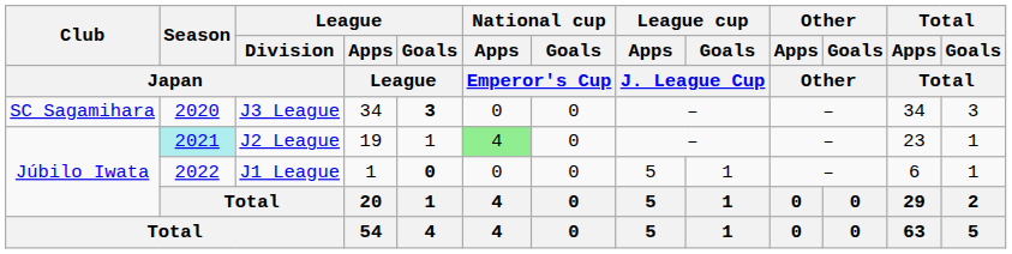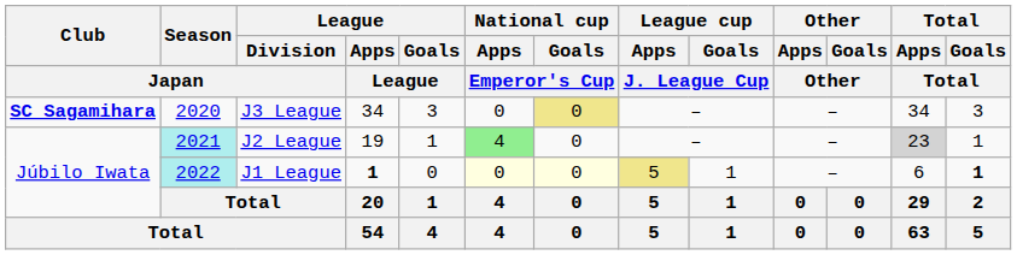 <table class="wikitable" style="text-align:center;">
 <tr>
 <th rowspan=2>Club</th>
 <th rowspan=2>Season</th>
 <th colspan=3>League</th>
 <th colspan=2>National cup</th>
 <th colspan=2>League cup</th>
 <th colspan=2>Other</th>
 <th colspan=2>Total</th>
 </tr>
 <tr>
 <th>Division</th>
 <th>Apps</th>
 <th>Goals</th>
 <th>Apps</th>
 <th>Goals</th>
 <th>Apps</th>
 <th>Goals</th>
 <th>Apps</th>
 <th>Goals</th>
 <th>Apps</th>
 <th>Goals</th>
 </tr>
 <tr>
 <th colspan=3>Japan</th>
 <th colspan=2>League</th>
 <th colspan=2><a href='#'>Emperor's Cup</a></th>
 <th colspan=2><a href='#'>J. League Cup</a></th>
 <th colspan=2>Other</th>
 <th colspan=2>Total</th>
 </tr>
 <tr>
-<td><a href='#'>SC Sagamihara</a></td>
+<td><strong><a href='#'>SC Sagamihara</a></strong></td>
 <td><a href='#'>2020</a></td>
 <td><a href='#'>J3 League</a></td>
 <td>34</td>
-<td><strong>3</strong></td>
+<td>3</td>
 <td>0</td>
-<td>0</td>
+<td style="background: khaki;">0</td>
 <td colspan="2">–</td>
 <td colspan="2">–</td>
 <td>34</td>
 <td>3</td>
 </tr>
 <tr>
 <td rowspan="3"><a href='#'>Júbilo Iwata</a></td>
 <td style="background: paleturquoise;"><a href='#'>2021</a></td>
 <td><a href='#'>J2 League</a></td>
 <td>19</td>
 <td>1</td>
 <td style="background: lightgreen;">4</td>
 <td>0</td>
 <td colspan="2">–</td>
 <td colspan="2">–</td>
-<td>23</td>
+<td style="background: lightgrey;">23</td>
 <td>1</td>
 </tr>
 <tr>
-<td><a href='#'>2022</a></td>
+<td style="background: paleturquoise;"><a href='#'>2022</a></td>
 <td><a href='#'>J1 League</a></td>
-<td>1</td>
-<td><strong>0</strong></td>
+<td><strong>1</strong></td>
 <td>0</td>
-<td>0</td>
-<td>5</td>
+<td style="background: lightyellow;">0</td>
+<td style="background: lightyellow;">0</td>
+<td style="background: khaki;">5</td>
 <td>1</td>
 <td colspan="2">–</td>
 <td>6</td>
-<td>1</td>
+<td><strong>1</strong></td>
 </tr>
 <tr>
 <th colspan="2">Total</th>
 <th>20</th>
 <th>1</th>
 <th>4</th>
 <th>0</th>
 <th>5</th>
 <th>1</th>
 <th>0</th>
 <th>0</th>
 <th>29</th>
 <th>2</th>
 </tr>
 <tr>
 <th colspan=3>Total</th>
 <th>54</th>
 <th>4</th>
 <th>4</th>
 <th>0</th>
 <th>5</th>
 <th>1</th>
 <th>0</th>
 <th>0</th>
 <th>63</th>
 <th>5</th>
 </tr>
 </table>
